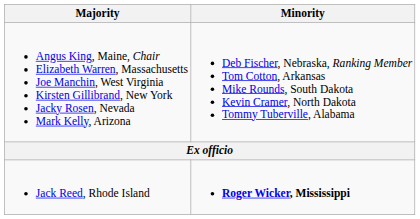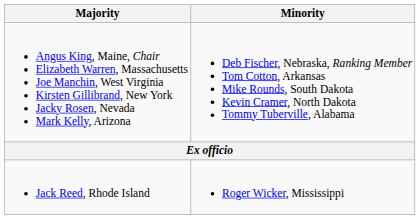 <table class=wikitable>
 <tr>
 <th>Majority</th>
 <th>Minority</th>
 </tr>
 <tr>
 <td><br><ul><li><span><a href='#'>Angus King</a>, Maine, <em>Chair</em></span></li><li><a href='#'>Elizabeth Warren</a>, Massachusetts</li><li><a href='#'>Joe Manchin</a>, West Virginia</li><li><a href='#'>Kirsten Gillibrand</a>, New York</li><li><a href='#'>Jacky Rosen</a>, Nevada</li><li><a href='#'>Mark Kelly</a>, Arizona</li></ul></td>
 <td><br><ul><li><a href='#'>Deb Fischer</a>, Nebraska, <em>Ranking Member</em></li><li><a href='#'>Tom Cotton</a>, Arkansas</li><li><a href='#'>Mike Rounds</a>, South Dakota</li><li><a href='#'>Kevin Cramer</a>, North Dakota</li><li><a href='#'>Tommy Tuberville</a>, Alabama</li></ul></td>
 </tr>
 <tr>
 <th colspan=2><em>Ex officio</em></th>
 </tr>
 <tr>
 <td><br><ul><li><a href='#'>Jack Reed</a>, Rhode Island</li></ul></td>
-<td><strong><br><ul><li><a href='#'>Roger Wicker</a>, Mississippi</li></ul></strong></td>
+<td><br><ul><li><a href='#'>Roger Wicker</a>, Mississippi</li></ul></td>
 </tr>
 </table>
